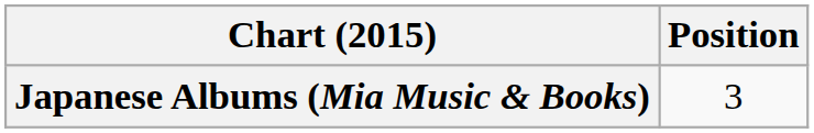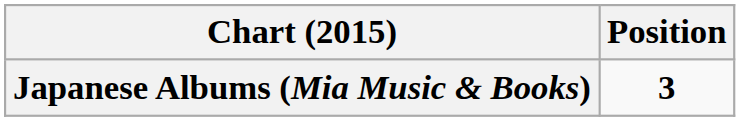 <table class="wikitable sortable plainrowheaders" style="text-align:center">
 <tr>
 <th scope="col">Chart (2015)</th>
 <th scope="col">Position</th>
 </tr>
 <tr>
 <th scope="row">Japanese Albums  (<em>Mia Music & Books</em>)</th>
-<td>3</td>
+<td><strong>3</strong></td>
 </tr>
 </table>
